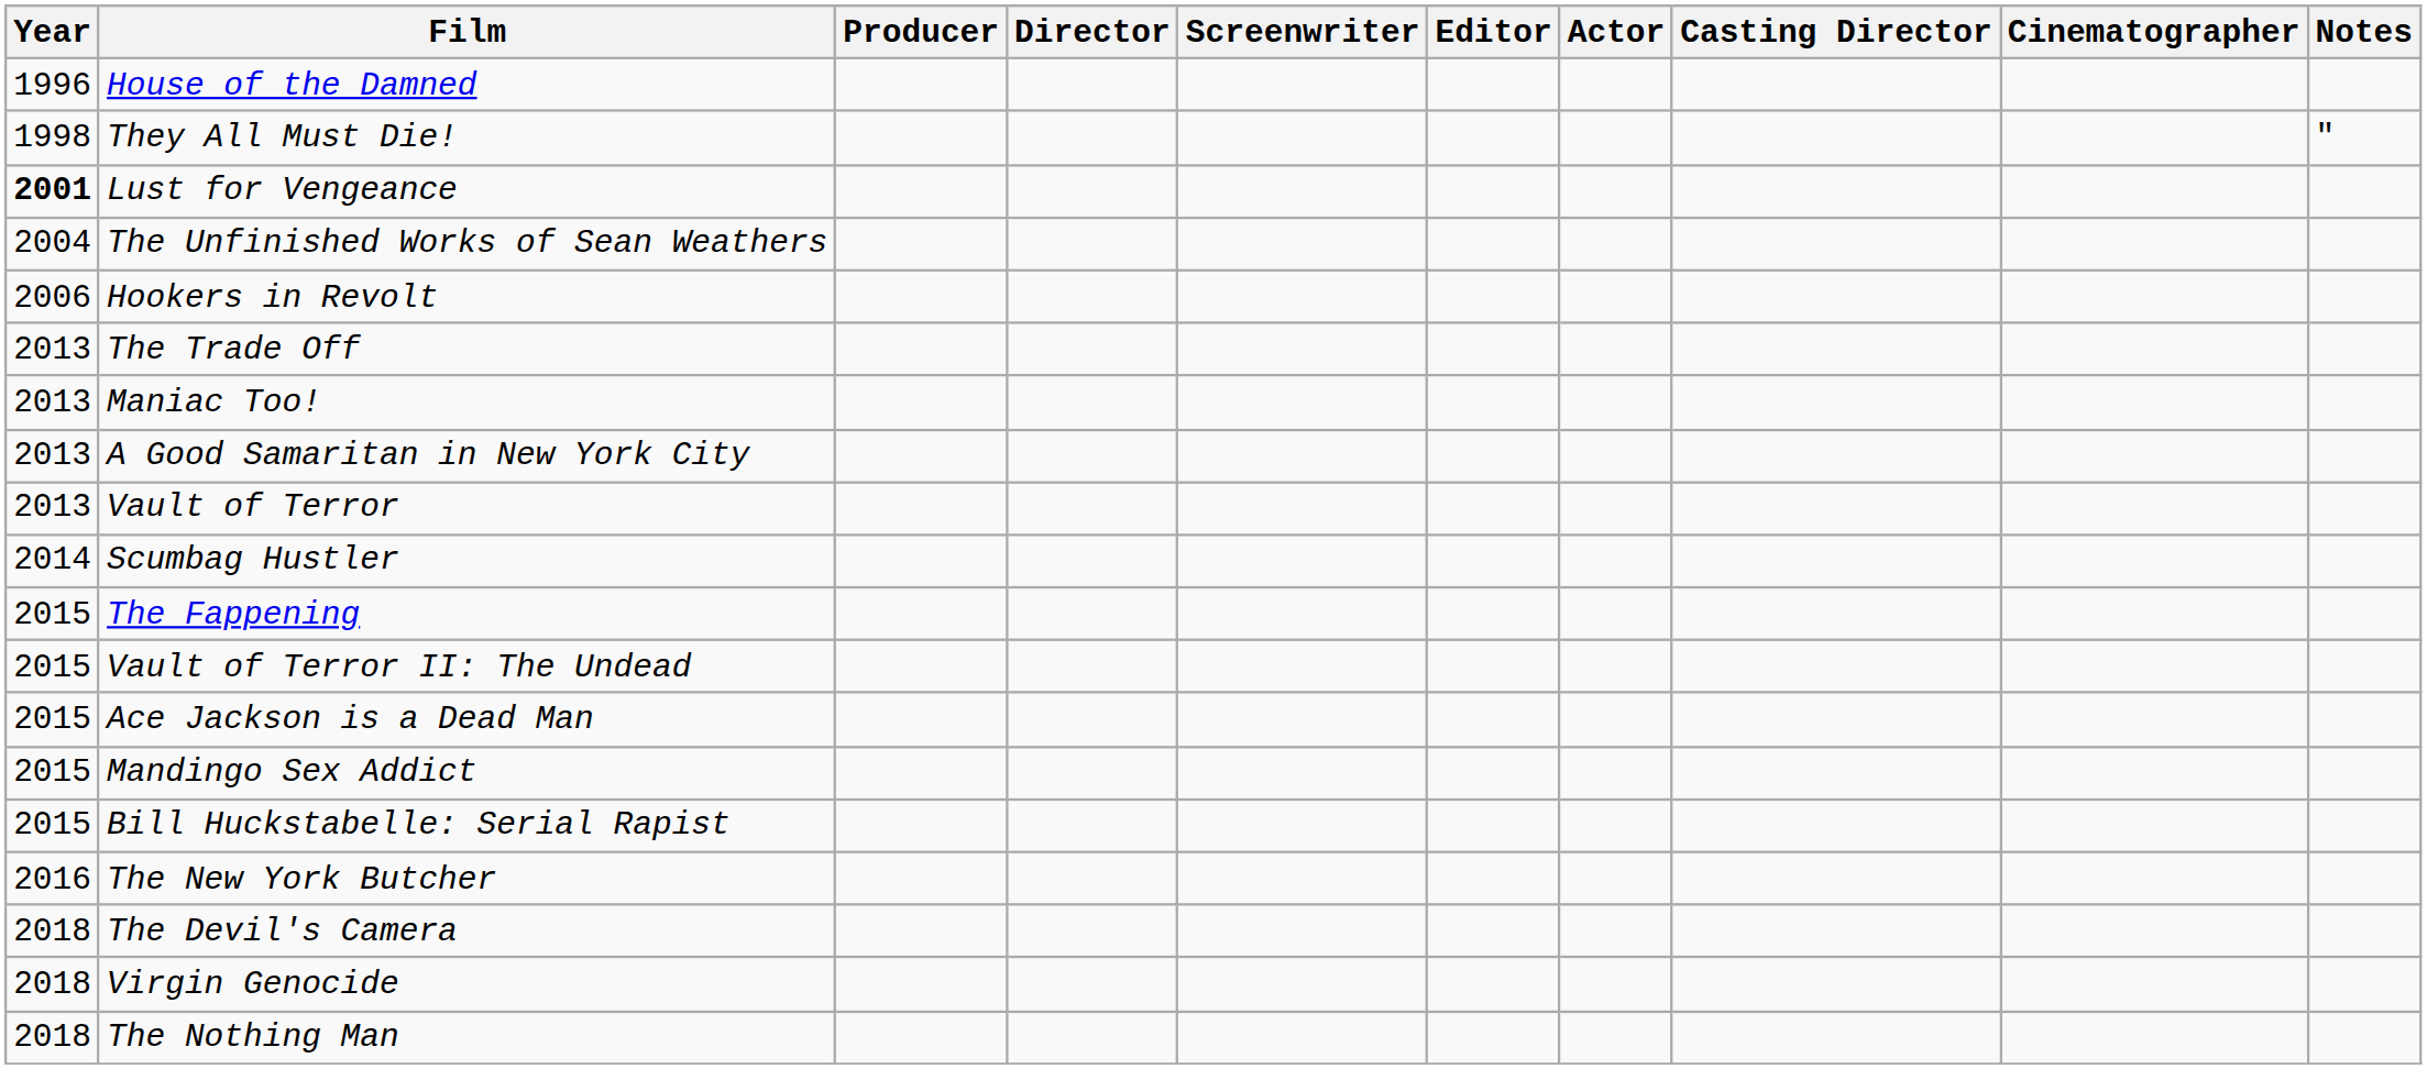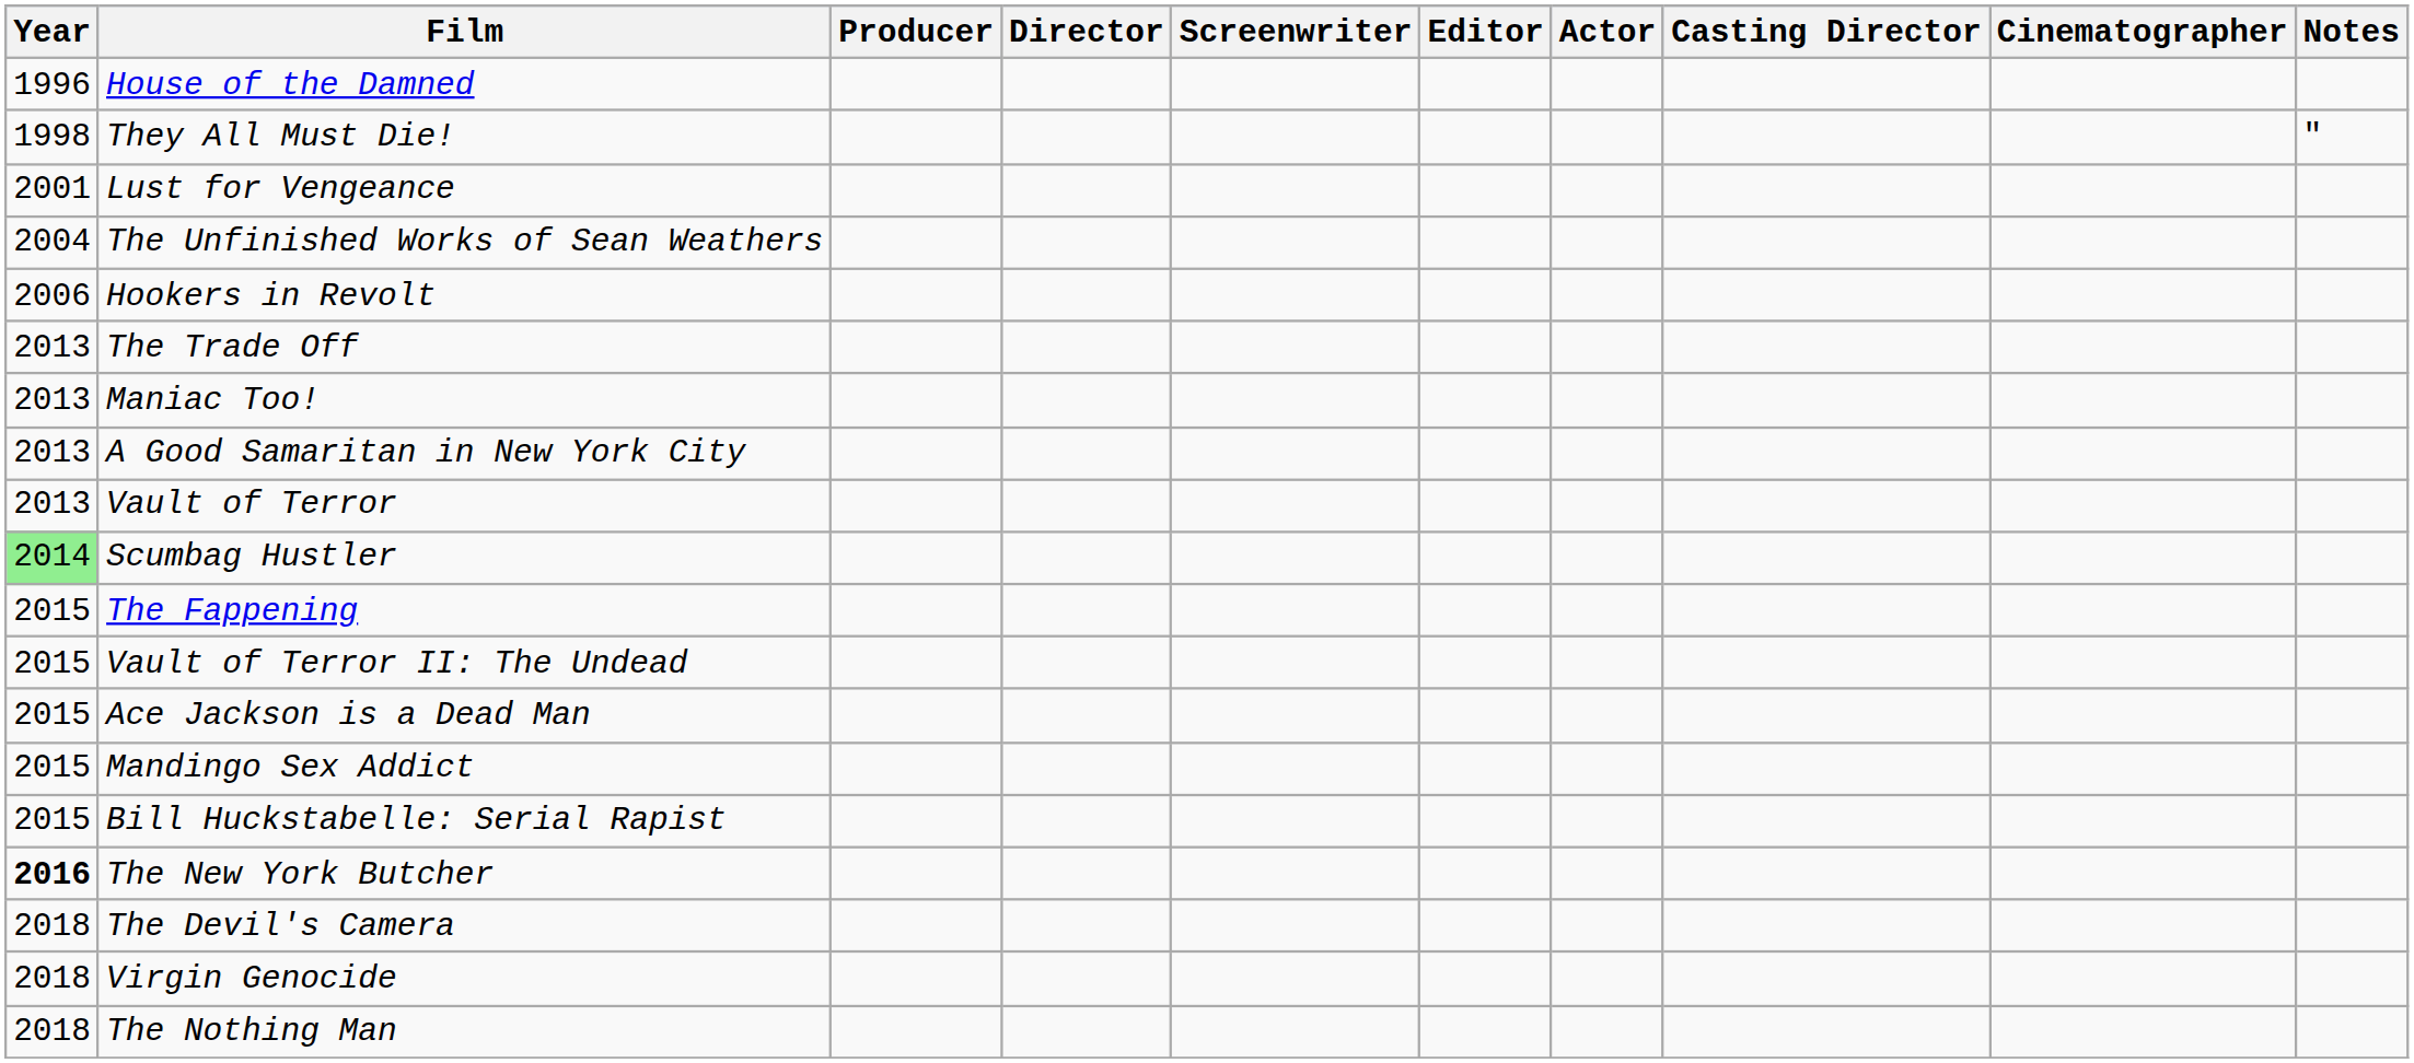 <table class="wikitable sortable">
 <tr style="background:#b0c4de; text-align:center;">
 <th rowspan="2">Year</th>
 <th rowspan="2">Film</th>
 <th rowspan="2">Producer</th>
 <th rowspan="2">Director</th>
 <th rowspan="2">Screenwriter</th>
 <th rowspan="2">Editor</th>
 <th rowspan="2">Actor</th>
 <th rowspan="2">Casting Director</th>
 <th rowspan="2">Cinematographer</th>
 <th rowspan="2">Notes</th>
 </tr>
 <tr>
 </tr>
 <tr>
 <td>1996</td>
 <td><em><a href='#'>House of the Damned</a></em></td>
 <td></td>
 <td></td>
 <td></td>
 <td></td>
 <td></td>
 <td></td>
 <td></td>
 <td></td>
 </tr>
 <tr>
 <td>1998</td>
 <td><em>They All Must Die!</em></td>
 <td></td>
 <td></td>
 <td></td>
 <td></td>
 <td></td>
 <td></td>
 <td></td>
 <td>"</td>
 </tr>
 <tr>
-<td><strong>2001</strong></td>
+<td>2001</td>
 <td><em>Lust for Vengeance</em></td>
 <td></td>
 <td></td>
 <td></td>
 <td></td>
 <td></td>
 <td></td>
 <td></td>
 <td></td>
 </tr>
 <tr>
 <td>2004</td>
 <td><em>The Unfinished Works of Sean Weathers</em></td>
 <td></td>
 <td></td>
 <td></td>
 <td></td>
 <td></td>
 <td></td>
 <td></td>
 <td></td>
 </tr>
 <tr>
 <td>2006</td>
 <td><em>Hookers in Revolt</em></td>
 <td></td>
 <td></td>
 <td></td>
 <td></td>
 <td></td>
 <td></td>
 <td></td>
 <td></td>
 </tr>
 <tr>
 <td>2013</td>
 <td><em>The Trade Off</em></td>
 <td></td>
 <td></td>
 <td></td>
 <td></td>
 <td></td>
 <td></td>
 <td></td>
 <td></td>
 </tr>
 <tr>
 <td>2013</td>
 <td><em>Maniac Too!</em></td>
 <td></td>
 <td></td>
 <td></td>
 <td></td>
 <td></td>
 <td></td>
 <td></td>
 <td></td>
 </tr>
 <tr>
 <td>2013</td>
 <td><em>A Good Samaritan in New York City</em></td>
 <td></td>
 <td></td>
 <td></td>
 <td></td>
 <td></td>
 <td></td>
 <td></td>
 <td></td>
 </tr>
 <tr>
 <td>2013</td>
 <td><em>Vault of Terror</em></td>
 <td></td>
 <td></td>
 <td></td>
 <td></td>
 <td></td>
 <td></td>
 <td></td>
 <td></td>
 </tr>
 <tr>
-<td>2014</td>
+<td style="background: lightgreen;">2014</td>
 <td><em>Scumbag Hustler</em></td>
 <td></td>
 <td></td>
 <td></td>
 <td></td>
 <td></td>
 <td></td>
 <td></td>
 <td></td>
 </tr>
 <tr>
 <td>2015</td>
 <td><em><a href='#'>The Fappening</a></em></td>
 <td></td>
 <td></td>
 <td></td>
 <td></td>
 <td></td>
 <td></td>
 <td></td>
 <td></td>
 </tr>
 <tr>
 <td>2015</td>
 <td><em>Vault of Terror II: The Undead</em></td>
 <td></td>
 <td></td>
 <td></td>
 <td></td>
 <td></td>
 <td></td>
 <td></td>
 <td></td>
 </tr>
 <tr>
 <td>2015</td>
 <td><em>Ace Jackson is a Dead Man</em></td>
 <td></td>
 <td></td>
 <td></td>
 <td></td>
 <td></td>
 <td></td>
 <td></td>
 <td></td>
 </tr>
 <tr>
 <td>2015</td>
 <td><em>Mandingo Sex Addict</em></td>
 <td></td>
 <td></td>
 <td></td>
 <td></td>
 <td></td>
 <td></td>
 <td></td>
 <td></td>
 </tr>
 <tr>
 <td>2015</td>
 <td><em>Bill Huckstabelle: Serial Rapist</em></td>
 <td></td>
 <td></td>
 <td></td>
 <td></td>
 <td></td>
 <td></td>
 <td></td>
 <td></td>
 </tr>
 <tr>
-<td>2016</td>
+<td><strong>2016</strong></td>
 <td><em>The New York Butcher</em></td>
 <td></td>
 <td></td>
 <td></td>
 <td></td>
 <td></td>
 <td></td>
 <td></td>
 <td></td>
 </tr>
 <tr>
 <td>2018</td>
 <td><em>The Devil's Camera</em></td>
 <td></td>
 <td></td>
 <td></td>
 <td></td>
 <td></td>
 <td></td>
 <td></td>
 <td></td>
 </tr>
 <tr>
 <td>2018</td>
 <td><em>Virgin Genocide</em></td>
 <td></td>
 <td></td>
 <td></td>
 <td></td>
 <td></td>
 <td></td>
 <td></td>
 <td></td>
 </tr>
 <tr>
 <td>2018</td>
 <td><em>The Nothing Man</em></td>
 <td></td>
 <td></td>
 <td></td>
 <td></td>
 <td></td>
 <td></td>
 <td></td>
 <td></td>
 </tr>
 <tr>
 </tr>
 </table>
